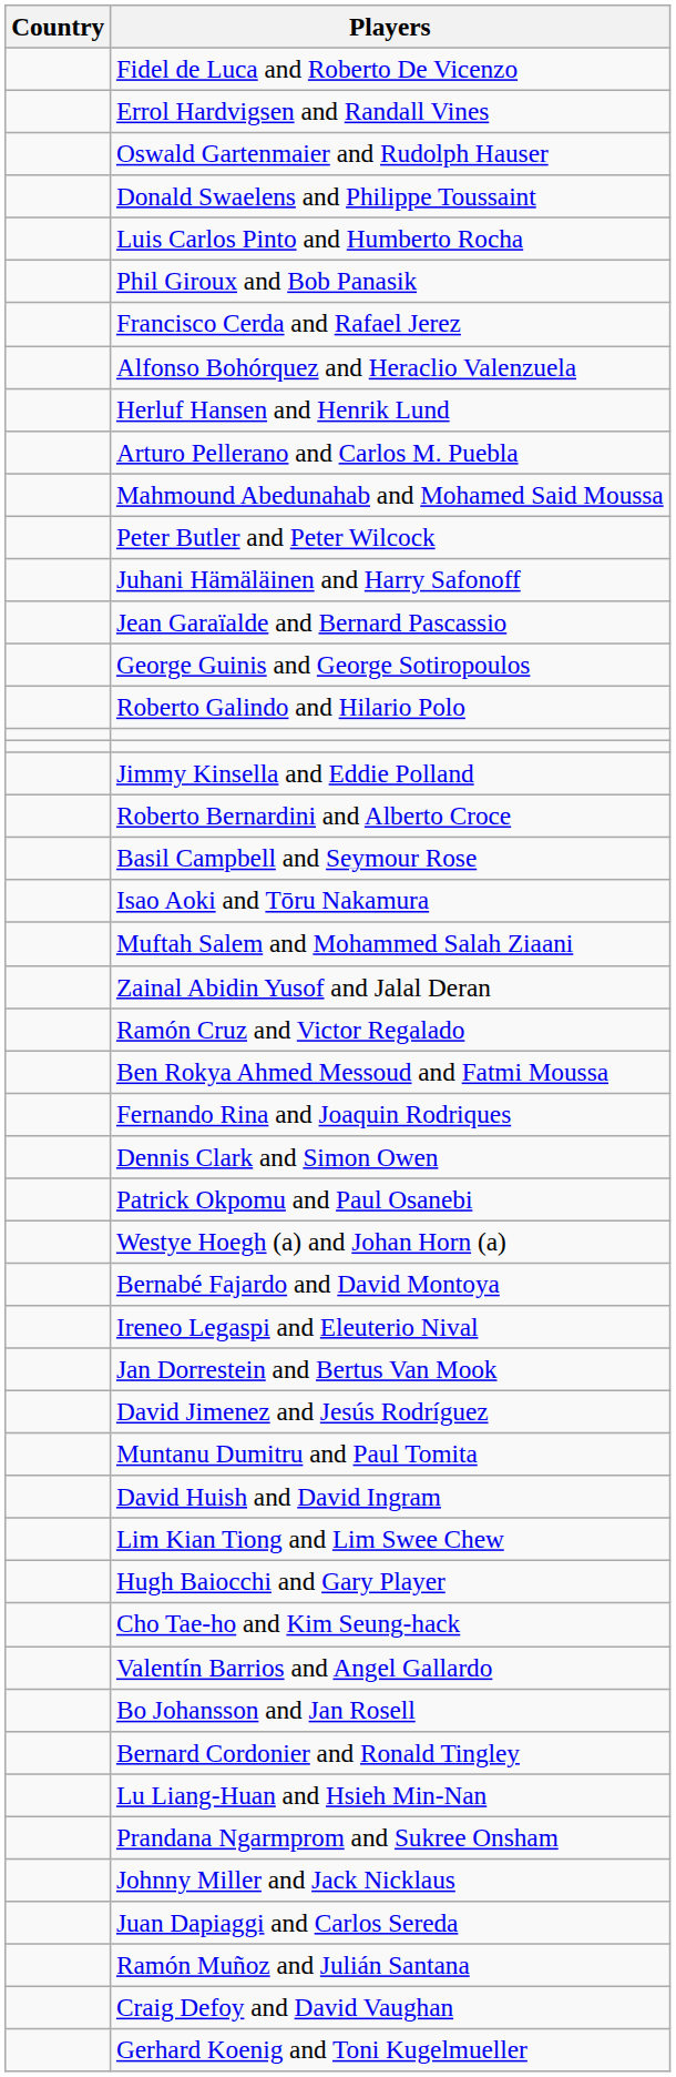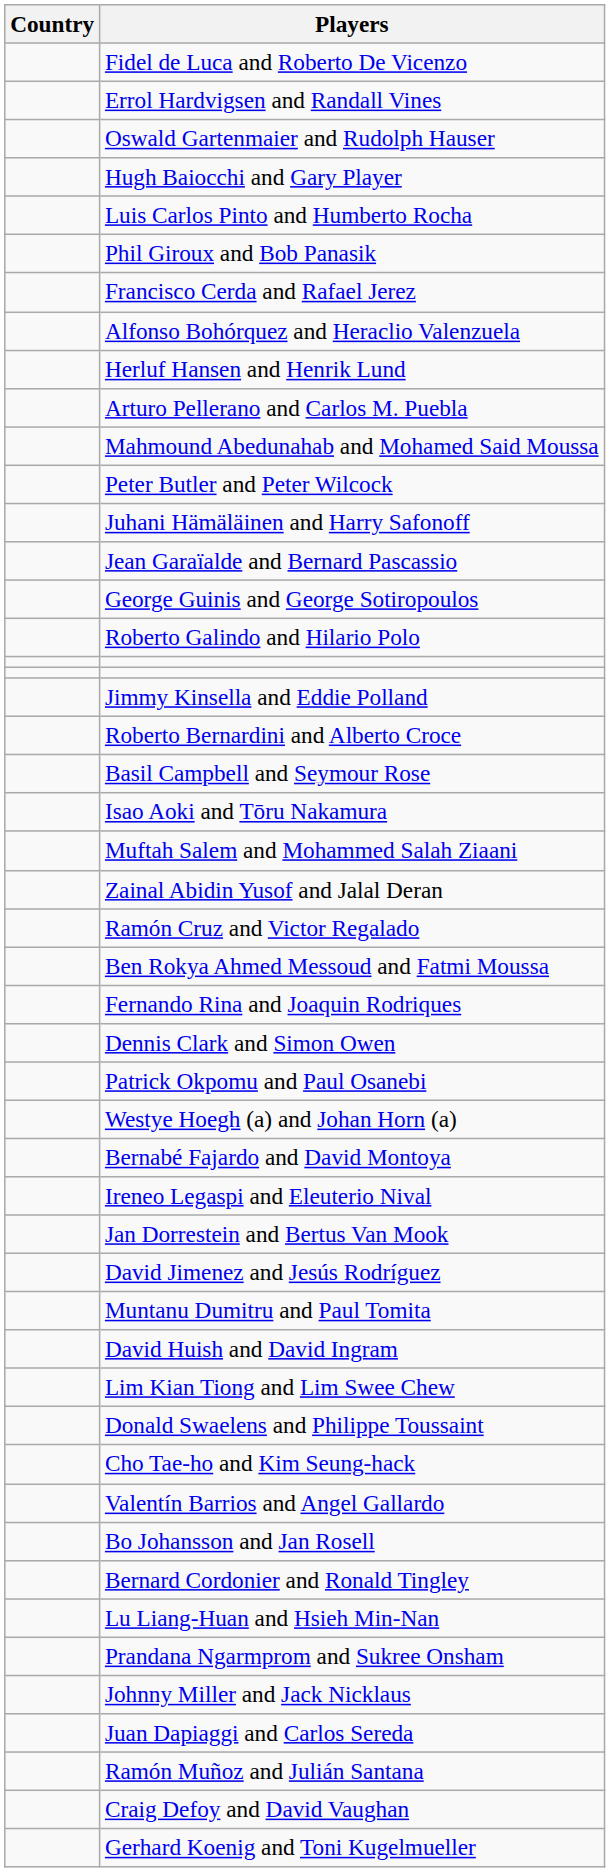 <table class="wikitable" style="font-size:95%;">
 <tr>
 <th>Country</th>
 <th>Players</th>
 </tr>
 <tr>
 <td></td>
 <td><a href='#'>Fidel de Luca</a> and <a href='#'>Roberto De Vicenzo</a></td>
 </tr>
 <tr>
 <td></td>
 <td><a href='#'>Errol Hardvigsen</a> and <a href='#'>Randall Vines</a></td>
 </tr>
 <tr>
 <td></td>
 <td><a href='#'>Oswald Gartenmaier</a> and <a href='#'>Rudolph Hauser</a></td>
 </tr>
 <tr>
 <td></td>
-<td><a href='#'>Donald Swaelens</a> and <a href='#'>Philippe Toussaint</a></td>
+<td><a href='#'>Hugh Baiocchi</a> and <a href='#'>Gary Player</a></td>
 </tr>
 <tr>
 <td></td>
 <td><a href='#'>Luis Carlos Pinto</a> and <a href='#'>Humberto Rocha</a></td>
 </tr>
 <tr>
 <td></td>
 <td><a href='#'>Phil Giroux</a> and <a href='#'>Bob Panasik</a></td>
 </tr>
 <tr>
 <td></td>
 <td><a href='#'>Francisco Cerda</a> and <a href='#'>Rafael Jerez</a></td>
 </tr>
 <tr>
 <td></td>
 <td><a href='#'>Alfonso Bohórquez</a> and <a href='#'>Heraclio Valenzuela</a></td>
 </tr>
 <tr>
 <td></td>
 <td><a href='#'>Herluf Hansen</a> and <a href='#'>Henrik Lund</a></td>
 </tr>
 <tr>
 <td></td>
 <td><a href='#'>Arturo Pellerano</a> and <a href='#'>Carlos M. Puebla</a></td>
 </tr>
 <tr>
 <td></td>
 <td><a href='#'>Mahmound Abedunahab</a> and <a href='#'>Mohamed Said Moussa</a></td>
 </tr>
 <tr>
 <td></td>
 <td><a href='#'>Peter Butler</a> and <a href='#'>Peter Wilcock</a></td>
 </tr>
 <tr>
 <td></td>
 <td><a href='#'>Juhani Hämäläinen</a> and <a href='#'>Harry Safonoff</a></td>
 </tr>
 <tr>
 <td></td>
 <td><a href='#'>Jean Garaïalde</a> and <a href='#'>Bernard Pascassio</a></td>
 </tr>
 <tr>
 <td></td>
 <td><a href='#'>George Guinis</a> and <a href='#'>George Sotiropoulos</a></td>
 </tr>
 <tr>
 <td></td>
 <td><a href='#'>Roberto Galindo</a> and <a href='#'>Hilario Polo</a></td>
 </tr>
 <tr>
 <td></td>
 <td></td>
 </tr>
 <tr>
 <td></td>
 <td></td>
 </tr>
 <tr>
 <td></td>
 <td><a href='#'>Jimmy Kinsella</a> and <a href='#'>Eddie Polland</a></td>
 </tr>
 <tr>
 <td></td>
 <td><a href='#'>Roberto Bernardini</a> and <a href='#'>Alberto Croce</a></td>
 </tr>
 <tr>
 <td></td>
 <td><a href='#'>Basil Campbell</a> and <a href='#'>Seymour Rose</a></td>
 </tr>
 <tr>
 <td></td>
 <td><a href='#'>Isao Aoki</a> and <a href='#'>Tōru Nakamura</a></td>
 </tr>
 <tr>
 <td></td>
 <td><a href='#'>Muftah Salem</a> and <a href='#'>Mohammed Salah Ziaani</a></td>
 </tr>
 <tr>
 <td></td>
 <td><a href='#'>Zainal Abidin Yusof</a> and Jalal Deran</td>
 </tr>
 <tr>
 <td></td>
 <td><a href='#'>Ramón Cruz</a> and <a href='#'>Victor Regalado</a></td>
 </tr>
 <tr>
 <td></td>
 <td><a href='#'>Ben Rokya Ahmed Messoud</a> and <a href='#'>Fatmi Moussa</a></td>
 </tr>
 <tr>
 <td></td>
 <td><a href='#'>Fernando Rina</a> and <a href='#'>Joaquin Rodriques</a></td>
 </tr>
 <tr>
 <td></td>
 <td><a href='#'>Dennis Clark</a> and <a href='#'>Simon Owen</a></td>
 </tr>
 <tr>
 <td></td>
 <td><a href='#'>Patrick Okpomu</a> and <a href='#'>Paul Osanebi</a></td>
 </tr>
 <tr>
 <td></td>
 <td><a href='#'>Westye Hoegh</a> (a) and <a href='#'>Johan Horn</a> (a)</td>
 </tr>
 <tr>
 <td></td>
 <td><a href='#'>Bernabé Fajardo</a> and <a href='#'>David Montoya</a></td>
 </tr>
 <tr>
 <td></td>
 <td><a href='#'>Ireneo Legaspi</a> and <a href='#'>Eleuterio Nival</a></td>
 </tr>
 <tr>
 <td></td>
 <td><a href='#'>Jan Dorrestein</a> and <a href='#'>Bertus Van Mook</a></td>
 </tr>
 <tr>
 <td></td>
 <td><a href='#'>David Jimenez</a> and <a href='#'>Jesús Rodríguez</a></td>
 </tr>
 <tr>
 <td></td>
 <td><a href='#'>Muntanu Dumitru</a> and <a href='#'>Paul Tomita</a></td>
 </tr>
 <tr>
 <td></td>
 <td><a href='#'>David Huish</a> and <a href='#'>David Ingram</a></td>
 </tr>
 <tr>
 <td></td>
 <td><a href='#'>Lim Kian Tiong</a> and <a href='#'>Lim Swee Chew</a></td>
 </tr>
 <tr>
 <td></td>
-<td><a href='#'>Hugh Baiocchi</a> and <a href='#'>Gary Player</a></td>
+<td><a href='#'>Donald Swaelens</a> and <a href='#'>Philippe Toussaint</a></td>
 </tr>
 <tr>
 <td></td>
 <td><a href='#'>Cho Tae-ho</a> and <a href='#'>Kim Seung-hack</a></td>
 </tr>
 <tr>
 <td></td>
 <td><a href='#'>Valentín Barrios</a> and <a href='#'>Angel Gallardo</a></td>
 </tr>
 <tr>
 <td></td>
 <td><a href='#'>Bo Johansson</a> and <a href='#'>Jan Rosell</a></td>
 </tr>
 <tr>
 <td></td>
 <td><a href='#'>Bernard Cordonier</a> and <a href='#'>Ronald Tingley</a></td>
 </tr>
 <tr>
 <td></td>
 <td><a href='#'>Lu Liang-Huan</a> and <a href='#'>Hsieh Min-Nan</a></td>
 </tr>
 <tr>
 <td></td>
 <td><a href='#'>Prandana Ngarmprom</a> and <a href='#'>Sukree Onsham</a></td>
 </tr>
 <tr>
 <td></td>
 <td><a href='#'>Johnny Miller</a> and <a href='#'>Jack Nicklaus</a></td>
 </tr>
 <tr>
 <td></td>
 <td><a href='#'>Juan Dapiaggi</a> and <a href='#'>Carlos Sereda</a></td>
 </tr>
 <tr>
 <td></td>
 <td><a href='#'>Ramón Muñoz</a> and <a href='#'>Julián Santana</a></td>
 </tr>
 <tr>
 <td></td>
 <td><a href='#'>Craig Defoy</a> and <a href='#'>David Vaughan</a></td>
 </tr>
 <tr>
 <td></td>
 <td><a href='#'>Gerhard Koenig</a> and <a href='#'>Toni Kugelmueller</a></td>
 </tr>
 </table>
